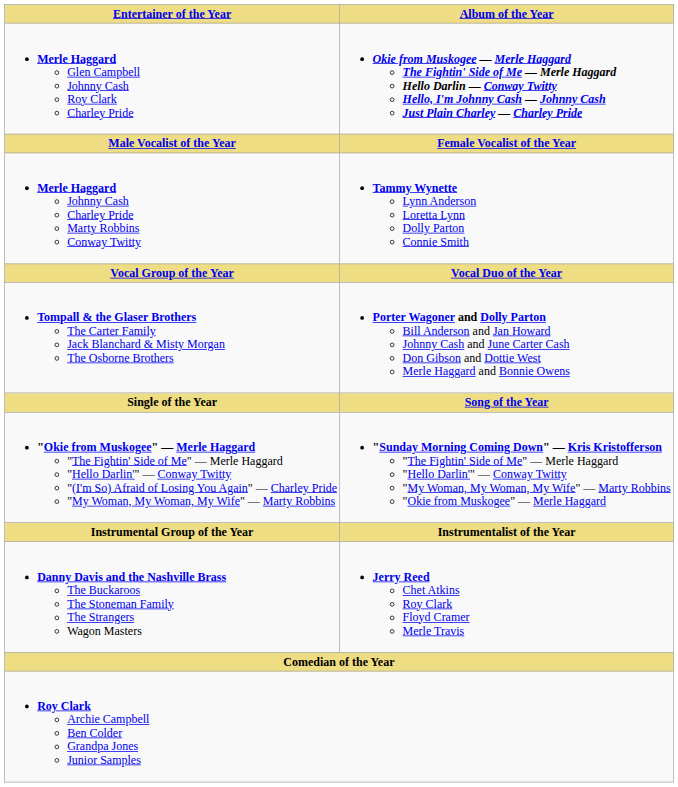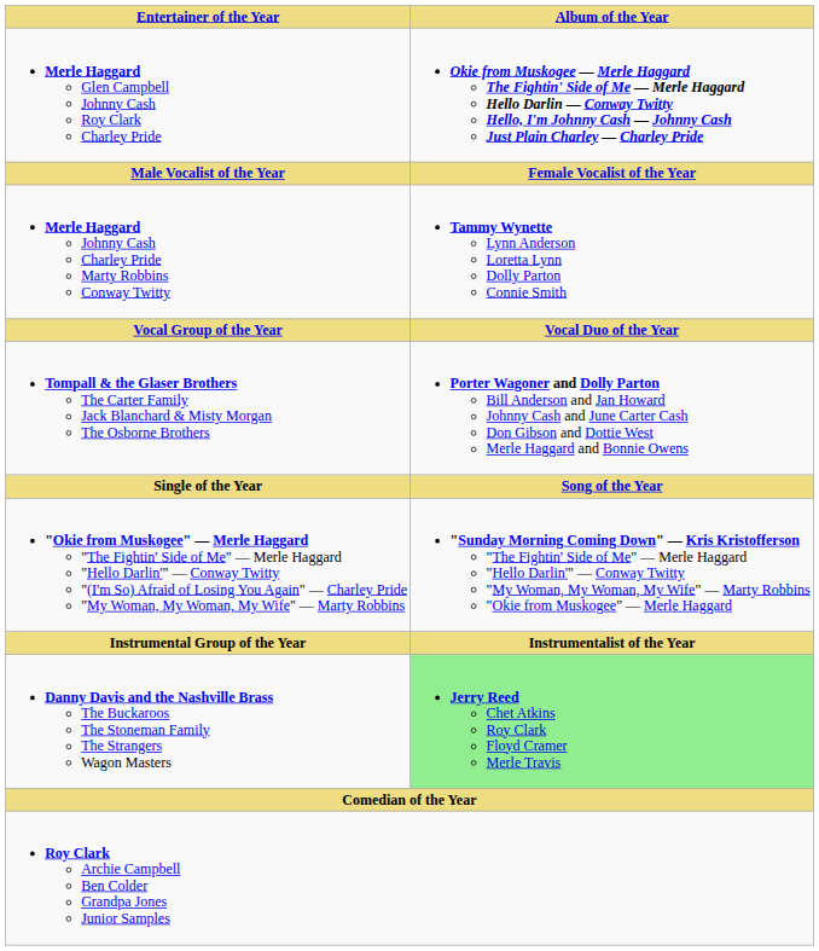 <table class="wikitable">
 <tr>
 <th style="background:#EEDD85; width=50%"><a href='#'>Entertainer of the Year</a></th>
 <th style="background:#EEDD85; width=50%"><a href='#'>Album of the Year</a></th>
 </tr>
 <tr>
 <td valign="top"><br><ul><li><strong><a href='#'>Merle Haggard</a></strong><ul><li><a href='#'>Glen Campbell</a></li><li><a href='#'>Johnny Cash</a></li><li><a href='#'>Roy Clark</a></li><li><a href='#'>Charley Pride</a></li></ul></li></ul></td>
 <td valign="top"><br><ul><li><strong><em><a href='#'>Okie from Muskogee</a><em> — <a href='#'>Merle Haggard</a><strong><ul><li></em><a href='#'>The Fightin' Side of Me</a><em> — Merle Haggard</li><li></em>Hello Darlin</strong> — <a href='#'>Conway Twitty</a>   </li><li><em><a href='#'>Hello, I'm Johnny Cash</a></em> — <a href='#'>Johnny Cash</a></li><li><em><a href='#'>Just Plain Charley</a></em> — <a href='#'>Charley Pride</a></li></ul></li></ul></td>
 </tr>
 <tr>
 <th style="background:#EEDD82; width=50%"><a href='#'>Male Vocalist of the Year</a></th>
 <th style="background:#EEDD82; width=50%"><a href='#'>Female Vocalist of the Year</a></th>
 </tr>
 <tr>
 <td valign="top"><br><ul><li><strong><a href='#'>Merle Haggard</a></strong><ul><li><a href='#'>Johnny Cash</a></li><li><a href='#'>Charley Pride</a></li><li><a href='#'>Marty Robbins</a></li><li><a href='#'>Conway Twitty</a></li></ul></li></ul></td>
 <td valign="top"><br><ul><li><strong><a href='#'>Tammy Wynette</a></strong><ul><li><a href='#'>Lynn Anderson</a></li><li><a href='#'>Loretta Lynn</a></li><li><a href='#'>Dolly Parton</a></li><li><a href='#'>Connie Smith</a></li></ul></li></ul></td>
 </tr>
 <tr>
 <th style="background:#EEDD82; width=50%"><a href='#'>Vocal Group of the Year</a></th>
 <th style="background:#EEDD82; width=50%"><a href='#'>Vocal Duo of the Year</a></th>
 </tr>
 <tr>
 <td valign="top"><br><ul><li><strong><a href='#'>Tompall & the Glaser Brothers</a></strong><ul><li><a href='#'>The Carter Family</a></li><li><a href='#'>Jack Blanchard & Misty Morgan</a></li><li><a href='#'>The Osborne Brothers</a></li></ul></li></ul></td>
 <td valign="top"><br><ul><li><strong><a href='#'>Porter Wagoner</a> and <a href='#'>Dolly Parton</a></strong><ul><li><a href='#'>Bill Anderson</a> and <a href='#'>Jan Howard</a></li><li><a href='#'>Johnny Cash</a> and <a href='#'>June Carter Cash</a></li><li><a href='#'>Don Gibson</a> and <a href='#'>Dottie West</a></li><li><a href='#'>Merle Haggard</a> and <a href='#'>Bonnie Owens</a></li></ul></li></ul></td>
 </tr>
 <tr>
 <th style="background:#EEDD82; width=50%">Single of the Year</th>
 <th style="background:#EEDD82; width=50%"><a href='#'>Song of the Year</a></th>
 </tr>
 <tr>
 <td valign="top"><br><ul><li><strong>"<a href='#'>Okie from Muskogee</a>" — <a href='#'>Merle Haggard</a></strong><ul><li>"<a href='#'>The Fightin' Side of Me</a>" — Merle Haggard</li><li>"<a href='#'>Hello Darlin'</a>" — <a href='#'>Conway Twitty</a></li><li>"<a href='#'>(I'm So) Afraid of Losing You Again</a>" — <a href='#'>Charley Pride</a></li><li>"<a href='#'>My Woman, My Woman, My Wife</a>" — <a href='#'>Marty Robbins</a></li></ul></li></ul></td>
 <td valign="top"><br><ul><li><strong>"<a href='#'>Sunday Morning Coming Down</a>" — <a href='#'>Kris Kristofferson</a></strong><ul><li>"<a href='#'>The Fightin' Side of Me</a>" — Merle Haggard</li><li>"<a href='#'>Hello Darlin'</a>" — <a href='#'>Conway Twitty</a></li><li>"<a href='#'>My Woman, My Woman, My Wife</a>" — <a href='#'>Marty Robbins</a></li><li>"<a href='#'>Okie from Muskogee</a>" — <a href='#'>Merle Haggard</a></li></ul></li></ul></td>
 </tr>
 <tr>
 <th style="background:#EEDD82; width=50%">Instrumental Group of the Year</th>
 <th style="background:#EEDD82; width=50%">Instrumentalist of the Year</th>
 </tr>
 <tr>
 <td valign="top"><br><ul><li><strong><a href='#'>Danny Davis and the Nashville Brass</a></strong><ul><li><a href='#'>The Buckaroos</a></li><li><a href='#'>The Stoneman Family</a></li><li><a href='#'>The Strangers</a></li><li>Wagon Masters</li></ul></li></ul></td>
-<td valign="top"><br><ul><li><strong><a href='#'>Jerry Reed</a></strong><ul><li><a href='#'>Chet Atkins</a></li><li><a href='#'>Roy Clark</a></li><li><a href='#'>Floyd Cramer</a></li><li><a href='#'>Merle Travis</a></li></ul></li></ul></td>
+<td valign="top" style="background: lightgreen;"><br><ul><li><strong><a href='#'>Jerry Reed</a></strong><ul><li><a href='#'>Chet Atkins</a></li><li><a href='#'>Roy Clark</a></li><li><a href='#'>Floyd Cramer</a></li><li><a href='#'>Merle Travis</a></li></ul></li></ul></td>
 </tr>
 <tr>
 <th colspan="2" style="background:#EEDD82; width=50%">Comedian of the Year</th>
 </tr>
 <tr>
 <td colspan="2"><br><ul><li><strong><a href='#'>Roy Clark</a></strong><ul><li><a href='#'>Archie Campbell</a></li><li><a href='#'>Ben Colder</a></li><li><a href='#'>Grandpa Jones</a></li><li><a href='#'>Junior Samples</a></li></ul></li></ul></td>
 </tr>
 </table>
